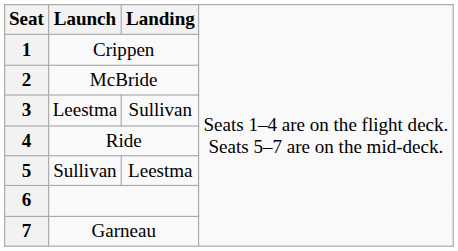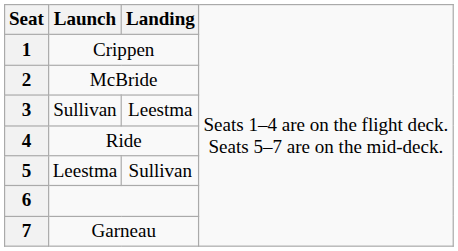 <table class="wikitable" style="text-align:center">
 <tr>
 <th>Seat</th>
 <th>Launch</th>
 <th>Landing</th>
 <td rowspan=8><br>Seats 1–4 are on the flight deck.<br>Seats 5–7 are on the mid-deck.</td>
 </tr>
 <tr>
 <th>1</th>
 <td colspan=2>Crippen</td>
 </tr>
 <tr>
 <th>2</th>
 <td colspan=2>McBride</td>
 </tr>
 <tr>
 <th>3</th>
+<td>Sullivan</td>
 <td>Leestma</td>
-<td>Sullivan</td>
 </tr>
 <tr>
 <th>4</th>
 <td colspan=2>Ride</td>
 </tr>
 <tr>
 <th>5</th>
+<td>Leestma</td>
 <td>Sullivan</td>
-<td>Leestma</td>
 </tr>
 <tr>
 <th>6</th>
 <td colspan=2></td>
 </tr>
 <tr>
 <th>7</th>
 <td colspan=2>Garneau</td>
 </tr>
 </table>
